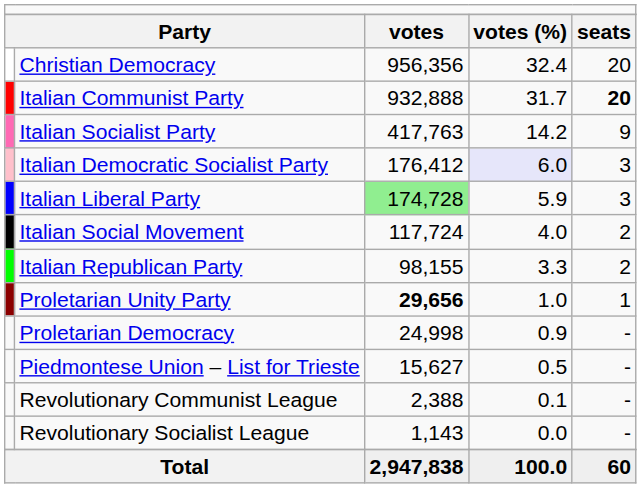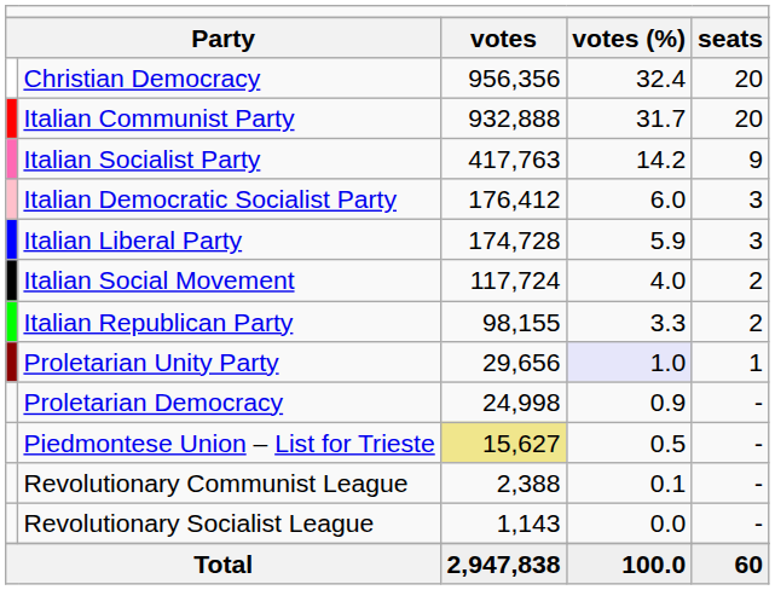 <table class="wikitable" style="font-size:95%">
 <tr>
 <td colspan=5 align=center></td>
 </tr>
 <tr>
 </tr>
 <tr bgcolor="EFEFEF">
 <th colspan=2>Party</th>
 <th>votes</th>
 <th>votes (%)</th>
 <th>seats</th>
 </tr>
 <tr>
 <td bgcolor=white></td>
 <td><a href='#'>Christian Democracy</a></td>
 <td align=right>956,356</td>
 <td align=right>32.4</td>
 <td align=right>20</td>
 </tr>
 <tr>
 <td bgcolor=red></td>
 <td><a href='#'>Italian Communist Party</a></td>
 <td align=right>932,888</td>
 <td align=right>31.7</td>
-<td align=right><strong>20</strong></td>
+<td align=right>20</td>
 </tr>
 <tr>
 <td bgcolor=hotpink></td>
 <td><a href='#'>Italian Socialist Party</a></td>
 <td align=right>417,763</td>
 <td align=right>14.2</td>
 <td align=right>9</td>
 </tr>
 <tr>
 <td bgcolor=pink></td>
 <td><a href='#'>Italian Democratic Socialist Party</a></td>
 <td align=right>176,412</td>
-<td align=right style="background: lavender;">6.0</td>
+<td align=right>6.0</td>
 <td align=right>3</td>
 </tr>
 <tr>
 <td bgcolor=blue></td>
 <td><a href='#'>Italian Liberal Party</a></td>
-<td align=right style="background: lightgreen;">174,728</td>
+<td align=right>174,728</td>
 <td align=right>5.9</td>
 <td align=right>3</td>
 </tr>
 <tr>
 <td bgcolor=black></td>
 <td><a href='#'>Italian Social Movement</a></td>
 <td align=right>117,724</td>
 <td align=right>4.0</td>
 <td align=right>2</td>
 </tr>
 <tr>
 <td bgcolor=lime></td>
 <td><a href='#'>Italian Republican Party</a></td>
 <td align=right>98,155</td>
 <td align=right>3.3</td>
 <td align=right>2</td>
 </tr>
 <tr>
 <td bgcolor=darkred></td>
 <td><a href='#'>Proletarian Unity Party</a></td>
-<td align=right><strong>29,656</strong></td>
-<td align=right>1.0</td>
+<td align=right>29,656</td>
+<td align=right style="background: lavender;">1.0</td>
 <td align=right>1</td>
 </tr>
 <tr>
 <td></td>
 <td><a href='#'>Proletarian Democracy</a></td>
 <td align=right>24,998</td>
 <td align=right>0.9</td>
 <td align=right>-</td>
 </tr>
 <tr>
 <td></td>
 <td><a href='#'>Piedmontese Union</a> – <a href='#'>List for Trieste</a></td>
-<td align=right>15,627</td>
+<td align=right style="background: khaki;">15,627</td>
 <td align=right>0.5</td>
 <td align=right>-</td>
 </tr>
 <tr>
 <td></td>
 <td>Revolutionary Communist League</td>
 <td align=right>2,388</td>
 <td align=right>0.1</td>
 <td align=right>-</td>
 </tr>
 <tr>
 <td></td>
 <td>Revolutionary Socialist League</td>
 <td align=right>1,143</td>
 <td align=right>0.0</td>
 <td align=right>-</td>
 </tr>
 <tr>
 </tr>
 <tr bgcolor="EFEFEF">
 <th colspan=2><strong>Total</strong></th>
 <td align=right><strong>2,947,838</strong></td>
 <td align=right><strong>100.0</strong></td>
 <td align=right><strong>60</strong></td>
 </tr>
 </table>
